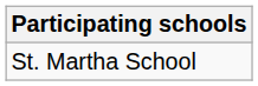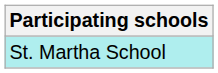 <table class="wikitable" align=right>
 <tr>
 <th>Participating schools</th>
 </tr>
 <tr>
-<td>St. Martha School</td>
+<td style="background: paleturquoise;">St. Martha School</td>
 </tr>
 </table>
